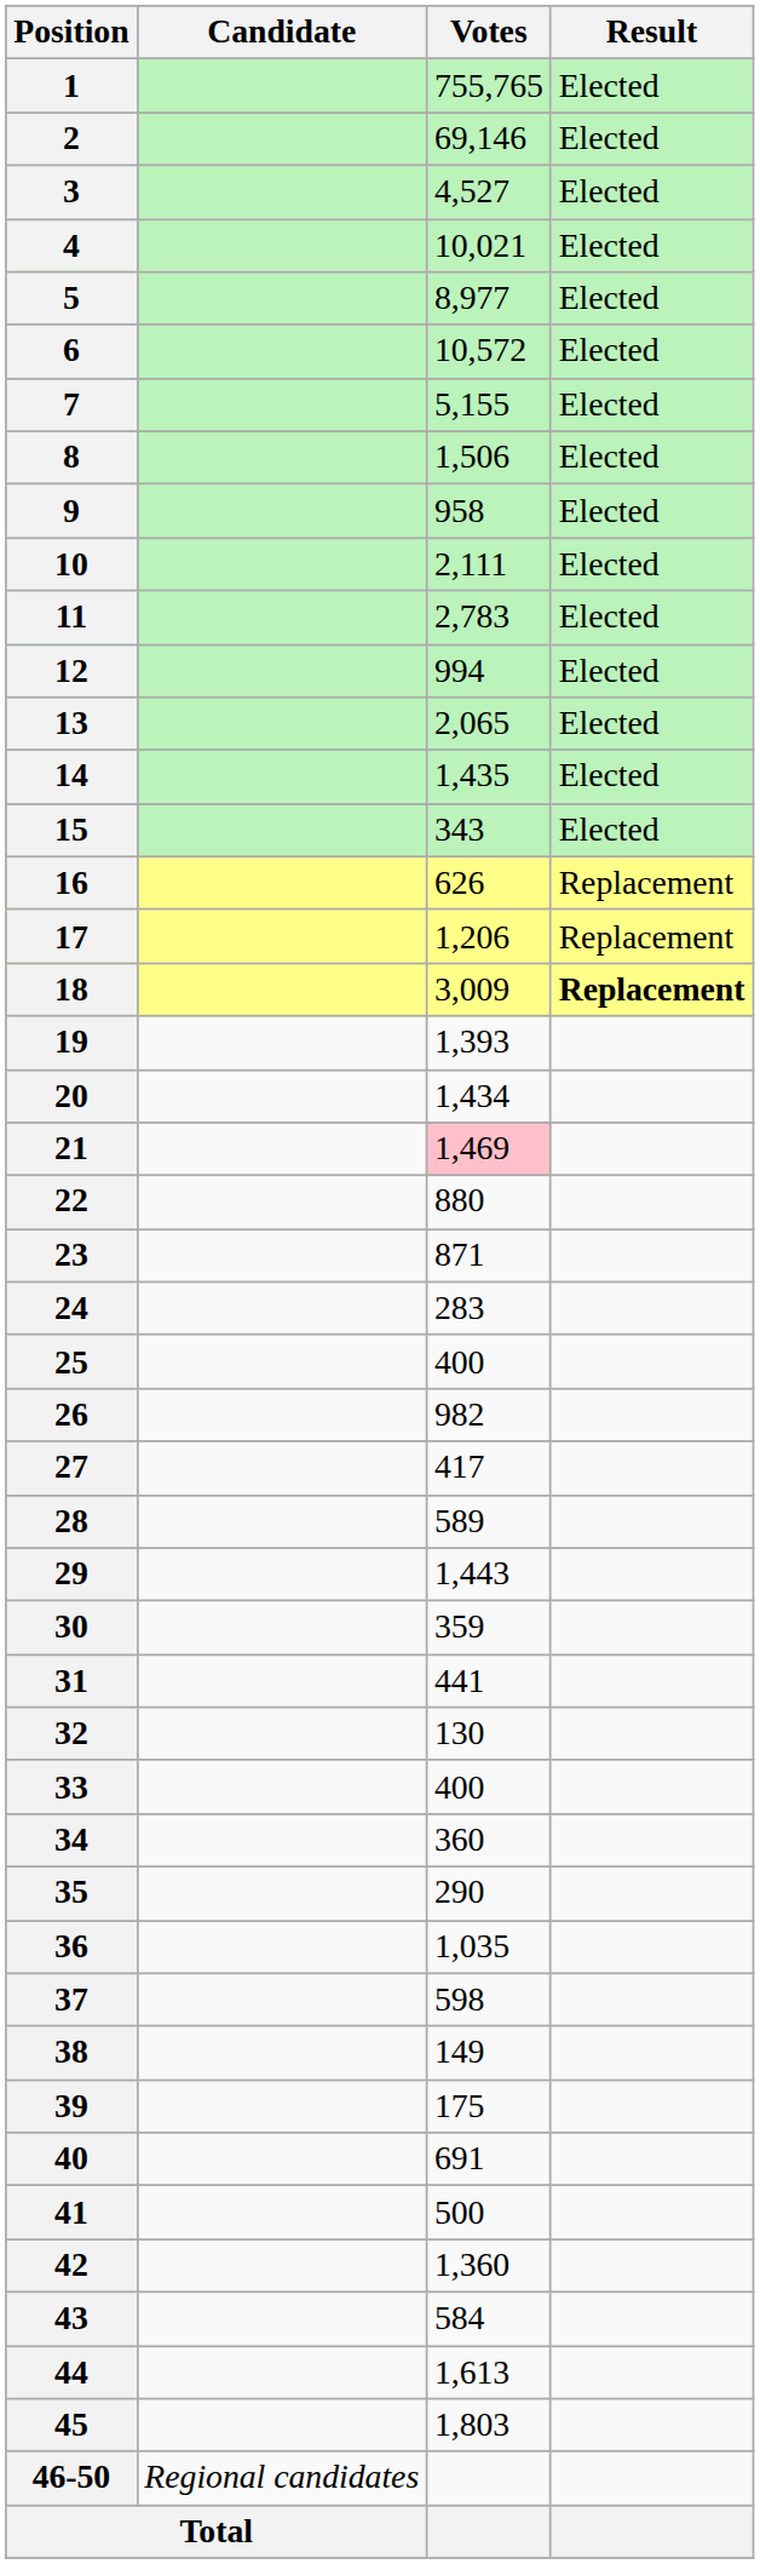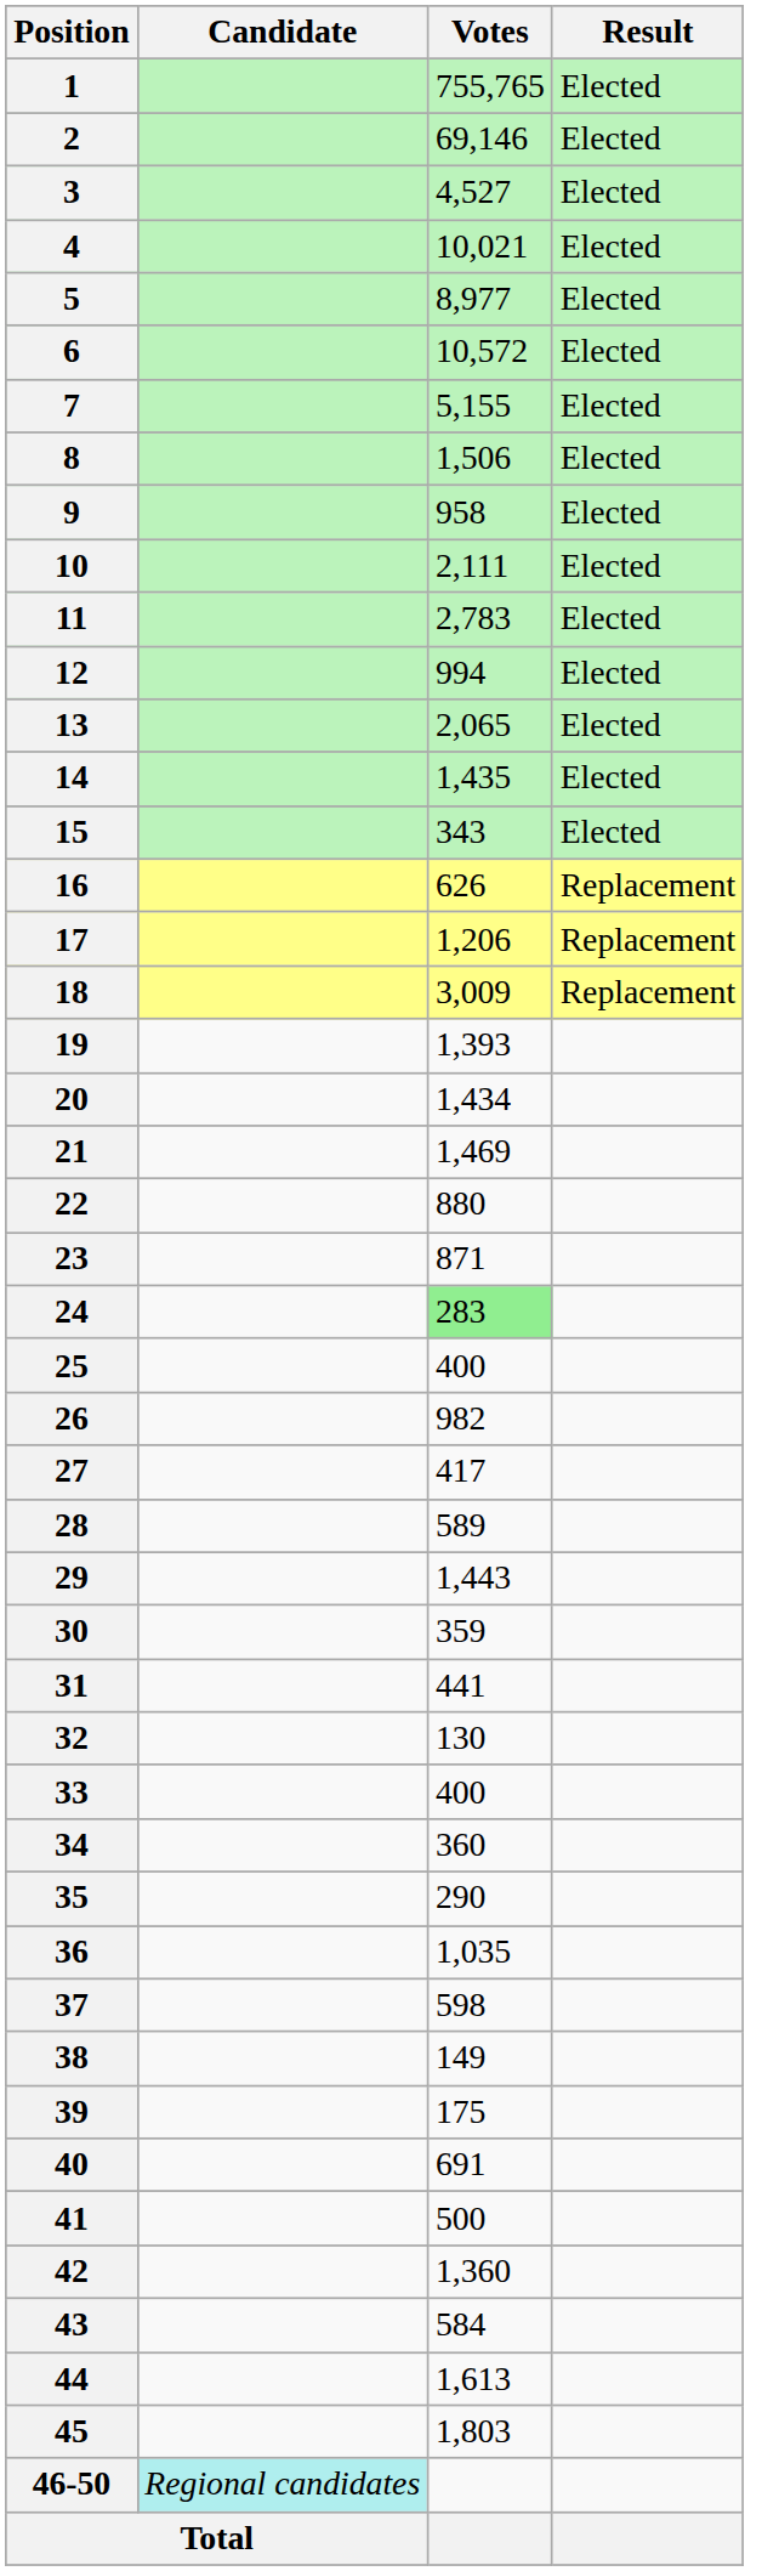 <table class="wikitable sortable col3right">
 <tr>
 <th scope="col">Position</th>
 <th scope="col">Candidate</th>
 <th scope="col">Votes</th>
 <th scope="col">Result</th>
 </tr>
 <tr bgcolor=bbf3bb>
 <th scope="row">1</th>
 <td></td>
 <td>755,765</td>
 <td>Elected</td>
 </tr>
 <tr bgcolor=bbf3bb>
 <th scope="row">2</th>
 <td></td>
 <td>69,146</td>
 <td>Elected</td>
 </tr>
 <tr bgcolor=bbf3bb>
 <th scope="row">3</th>
 <td></td>
 <td>4,527</td>
 <td>Elected</td>
 </tr>
 <tr bgcolor=bbf3bb>
 <th scope="row">4</th>
 <td></td>
 <td>10,021</td>
 <td>Elected</td>
 </tr>
 <tr bgcolor=bbf3bb>
 <th scope="row">5</th>
 <td></td>
 <td>8,977</td>
 <td>Elected</td>
 </tr>
 <tr bgcolor=bbf3bb>
 <th scope="row">6</th>
 <td></td>
 <td>10,572</td>
 <td>Elected</td>
 </tr>
 <tr bgcolor=bbf3bb>
 <th scope="row">7</th>
 <td></td>
 <td>5,155</td>
 <td>Elected</td>
 </tr>
 <tr bgcolor=bbf3bb>
 <th scope="row">8</th>
 <td></td>
 <td>1,506</td>
 <td>Elected</td>
 </tr>
 <tr bgcolor=bbf3bb>
 <th scope="row">9</th>
 <td></td>
 <td>958</td>
 <td>Elected</td>
 </tr>
 <tr bgcolor=bbf3bb>
 <th scope="row">10</th>
 <td></td>
 <td>2,111</td>
 <td>Elected</td>
 </tr>
 <tr bgcolor=bbf3bb>
 <th scope="row">11</th>
 <td></td>
 <td>2,783</td>
 <td>Elected</td>
 </tr>
 <tr bgcolor=bbf3bb>
 <th scope="row">12</th>
 <td></td>
 <td>994</td>
 <td>Elected</td>
 </tr>
 <tr bgcolor=bbf3bb>
 <th scope="row">13</th>
 <td></td>
 <td>2,065</td>
 <td>Elected</td>
 </tr>
 <tr bgcolor=bbf3bb>
 <th scope="row">14</th>
 <td></td>
 <td>1,435</td>
 <td>Elected</td>
 </tr>
 <tr bgcolor=bbf3bb>
 <th scope="row">15</th>
 <td></td>
 <td>343</td>
 <td>Elected</td>
 </tr>
 <tr bgcolor=#FF8>
 <th scope="row">16</th>
 <td></td>
 <td>626</td>
 <td>Replacement</td>
 </tr>
 <tr bgcolor=#FF8>
 <th scope="row">17</th>
 <td></td>
 <td>1,206</td>
 <td>Replacement</td>
 </tr>
 <tr bgcolor=#FF8>
 <th scope="row">18</th>
 <td></td>
 <td>3,009</td>
-<td><strong>Replacement</strong></td>
+<td>Replacement</td>
 </tr>
 <tr>
 <th scope="row">19</th>
 <td></td>
 <td>1,393</td>
 <td></td>
 </tr>
 <tr>
 <th scope="row">20</th>
 <td></td>
 <td>1,434</td>
 <td></td>
 </tr>
 <tr>
 <th scope="row">21</th>
 <td></td>
-<td style="background: pink;">1,469</td>
+<td>1,469</td>
 <td></td>
 </tr>
 <tr>
 <th scope="row">22</th>
 <td></td>
 <td>880</td>
 <td></td>
 </tr>
 <tr>
 <th scope="row">23</th>
 <td></td>
 <td>871</td>
 <td></td>
 </tr>
 <tr>
 <th scope="row">24</th>
 <td></td>
-<td>283</td>
+<td style="background: lightgreen;">283</td>
 <td></td>
 </tr>
 <tr>
 <th scope="row">25</th>
 <td></td>
 <td>400</td>
 <td></td>
 </tr>
 <tr>
 <th scope="row">26</th>
 <td></td>
 <td>982</td>
 <td></td>
 </tr>
 <tr>
 <th scope="row">27</th>
 <td></td>
 <td>417</td>
 <td></td>
 </tr>
 <tr>
 <th scope="row">28</th>
 <td></td>
 <td>589</td>
 <td></td>
 </tr>
 <tr>
 <th scope="row">29</th>
 <td></td>
 <td>1,443</td>
 <td></td>
 </tr>
 <tr>
 <th scope="row">30</th>
 <td></td>
 <td>359</td>
 <td></td>
 </tr>
 <tr>
 <th scope="row">31</th>
 <td></td>
 <td>441</td>
 <td></td>
 </tr>
 <tr>
 <th scope="row">32</th>
 <td></td>
 <td>130</td>
 <td></td>
 </tr>
 <tr>
 <th scope="row">33</th>
 <td></td>
 <td>400</td>
 <td></td>
 </tr>
 <tr>
 <th scope="row">34</th>
 <td></td>
 <td>360</td>
 <td></td>
 </tr>
 <tr>
 <th scope="row">35</th>
 <td></td>
 <td>290</td>
 <td></td>
 </tr>
 <tr>
 <th scope="row">36</th>
 <td></td>
 <td>1,035</td>
 <td></td>
 </tr>
 <tr>
 <th scope="row">37</th>
 <td></td>
 <td>598</td>
 <td></td>
 </tr>
 <tr>
 <th scope="row">38</th>
 <td></td>
 <td>149</td>
 <td></td>
 </tr>
 <tr>
 <th scope="row">39</th>
 <td></td>
 <td>175</td>
 <td></td>
 </tr>
 <tr>
 <th scope="row">40</th>
 <td></td>
 <td>691</td>
 <td></td>
 </tr>
 <tr>
 <th scope="row">41</th>
 <td></td>
 <td>500</td>
 <td></td>
 </tr>
 <tr>
 <th scope="row">42</th>
 <td></td>
 <td>1,360</td>
 <td></td>
 </tr>
 <tr>
 <th scope="row">43</th>
 <td></td>
 <td>584</td>
 <td></td>
 </tr>
 <tr>
 <th scope="row">44</th>
 <td></td>
 <td>1,613</td>
 <td></td>
 </tr>
 <tr>
 <th scope="row">45</th>
 <td></td>
 <td>1,803</td>
 <td></td>
 </tr>
 <tr>
 <th scope="row">46-50</th>
-<td><em>Regional candidates</em></td>
+<td style="background: paleturquoise;"><em>Regional candidates</em></td>
 <td></td>
 <td></td>
 </tr>
 <tr class="sortbottom">
 <th scope="row" colspan="2">Total</th>
 <th></th>
 <th></th>
 </tr>
 </table>
